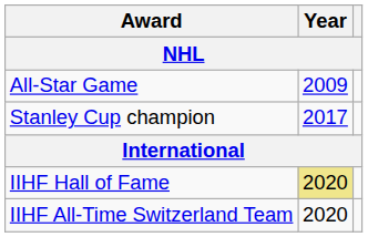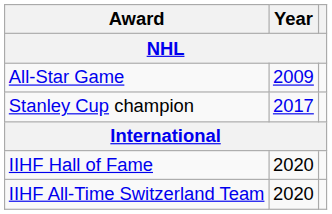 <table class="wikitable">
 <tr>
 <th>Award</th>
 <th>Year</th>
 <th></th>
 </tr>
 <tr>
 <th colspan="3"><a href='#'>NHL</a></th>
 </tr>
 <tr>
 <td><a href='#'>All-Star Game</a></td>
 <td><a href='#'>2009</a></td>
 <td></td>
 </tr>
 <tr>
 <td><a href='#'>Stanley Cup</a> champion</td>
 <td><a href='#'>2017</a></td>
 <td></td>
 </tr>
 <tr>
 <th colspan="3"><a href='#'>International</a></th>
 </tr>
 <tr>
 <td><a href='#'>IIHF Hall of Fame</a></td>
-<td style="background: khaki;">2020</td>
+<td>2020</td>
 <td></td>
 </tr>
 <tr>
 <td><a href='#'>IIHF All-Time Switzerland Team</a></td>
 <td>2020</td>
 <td></td>
 </tr>
 </table>
